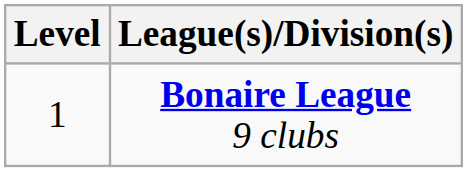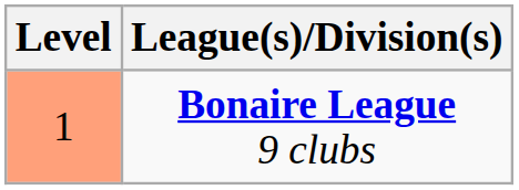 <table class="wikitable" style="text-align: center;">
 <tr>
 <th>Level</th>
 <th colspan="12">League(s)/Division(s)</th>
 </tr>
 <tr>
-<td>1</td>
+<td style="background: lightsalmon;">1</td>
 <td colspan="12"><strong><a href='#'>Bonaire League</a></strong><br><em>9 clubs</em></td>
 </tr>
 </table>
